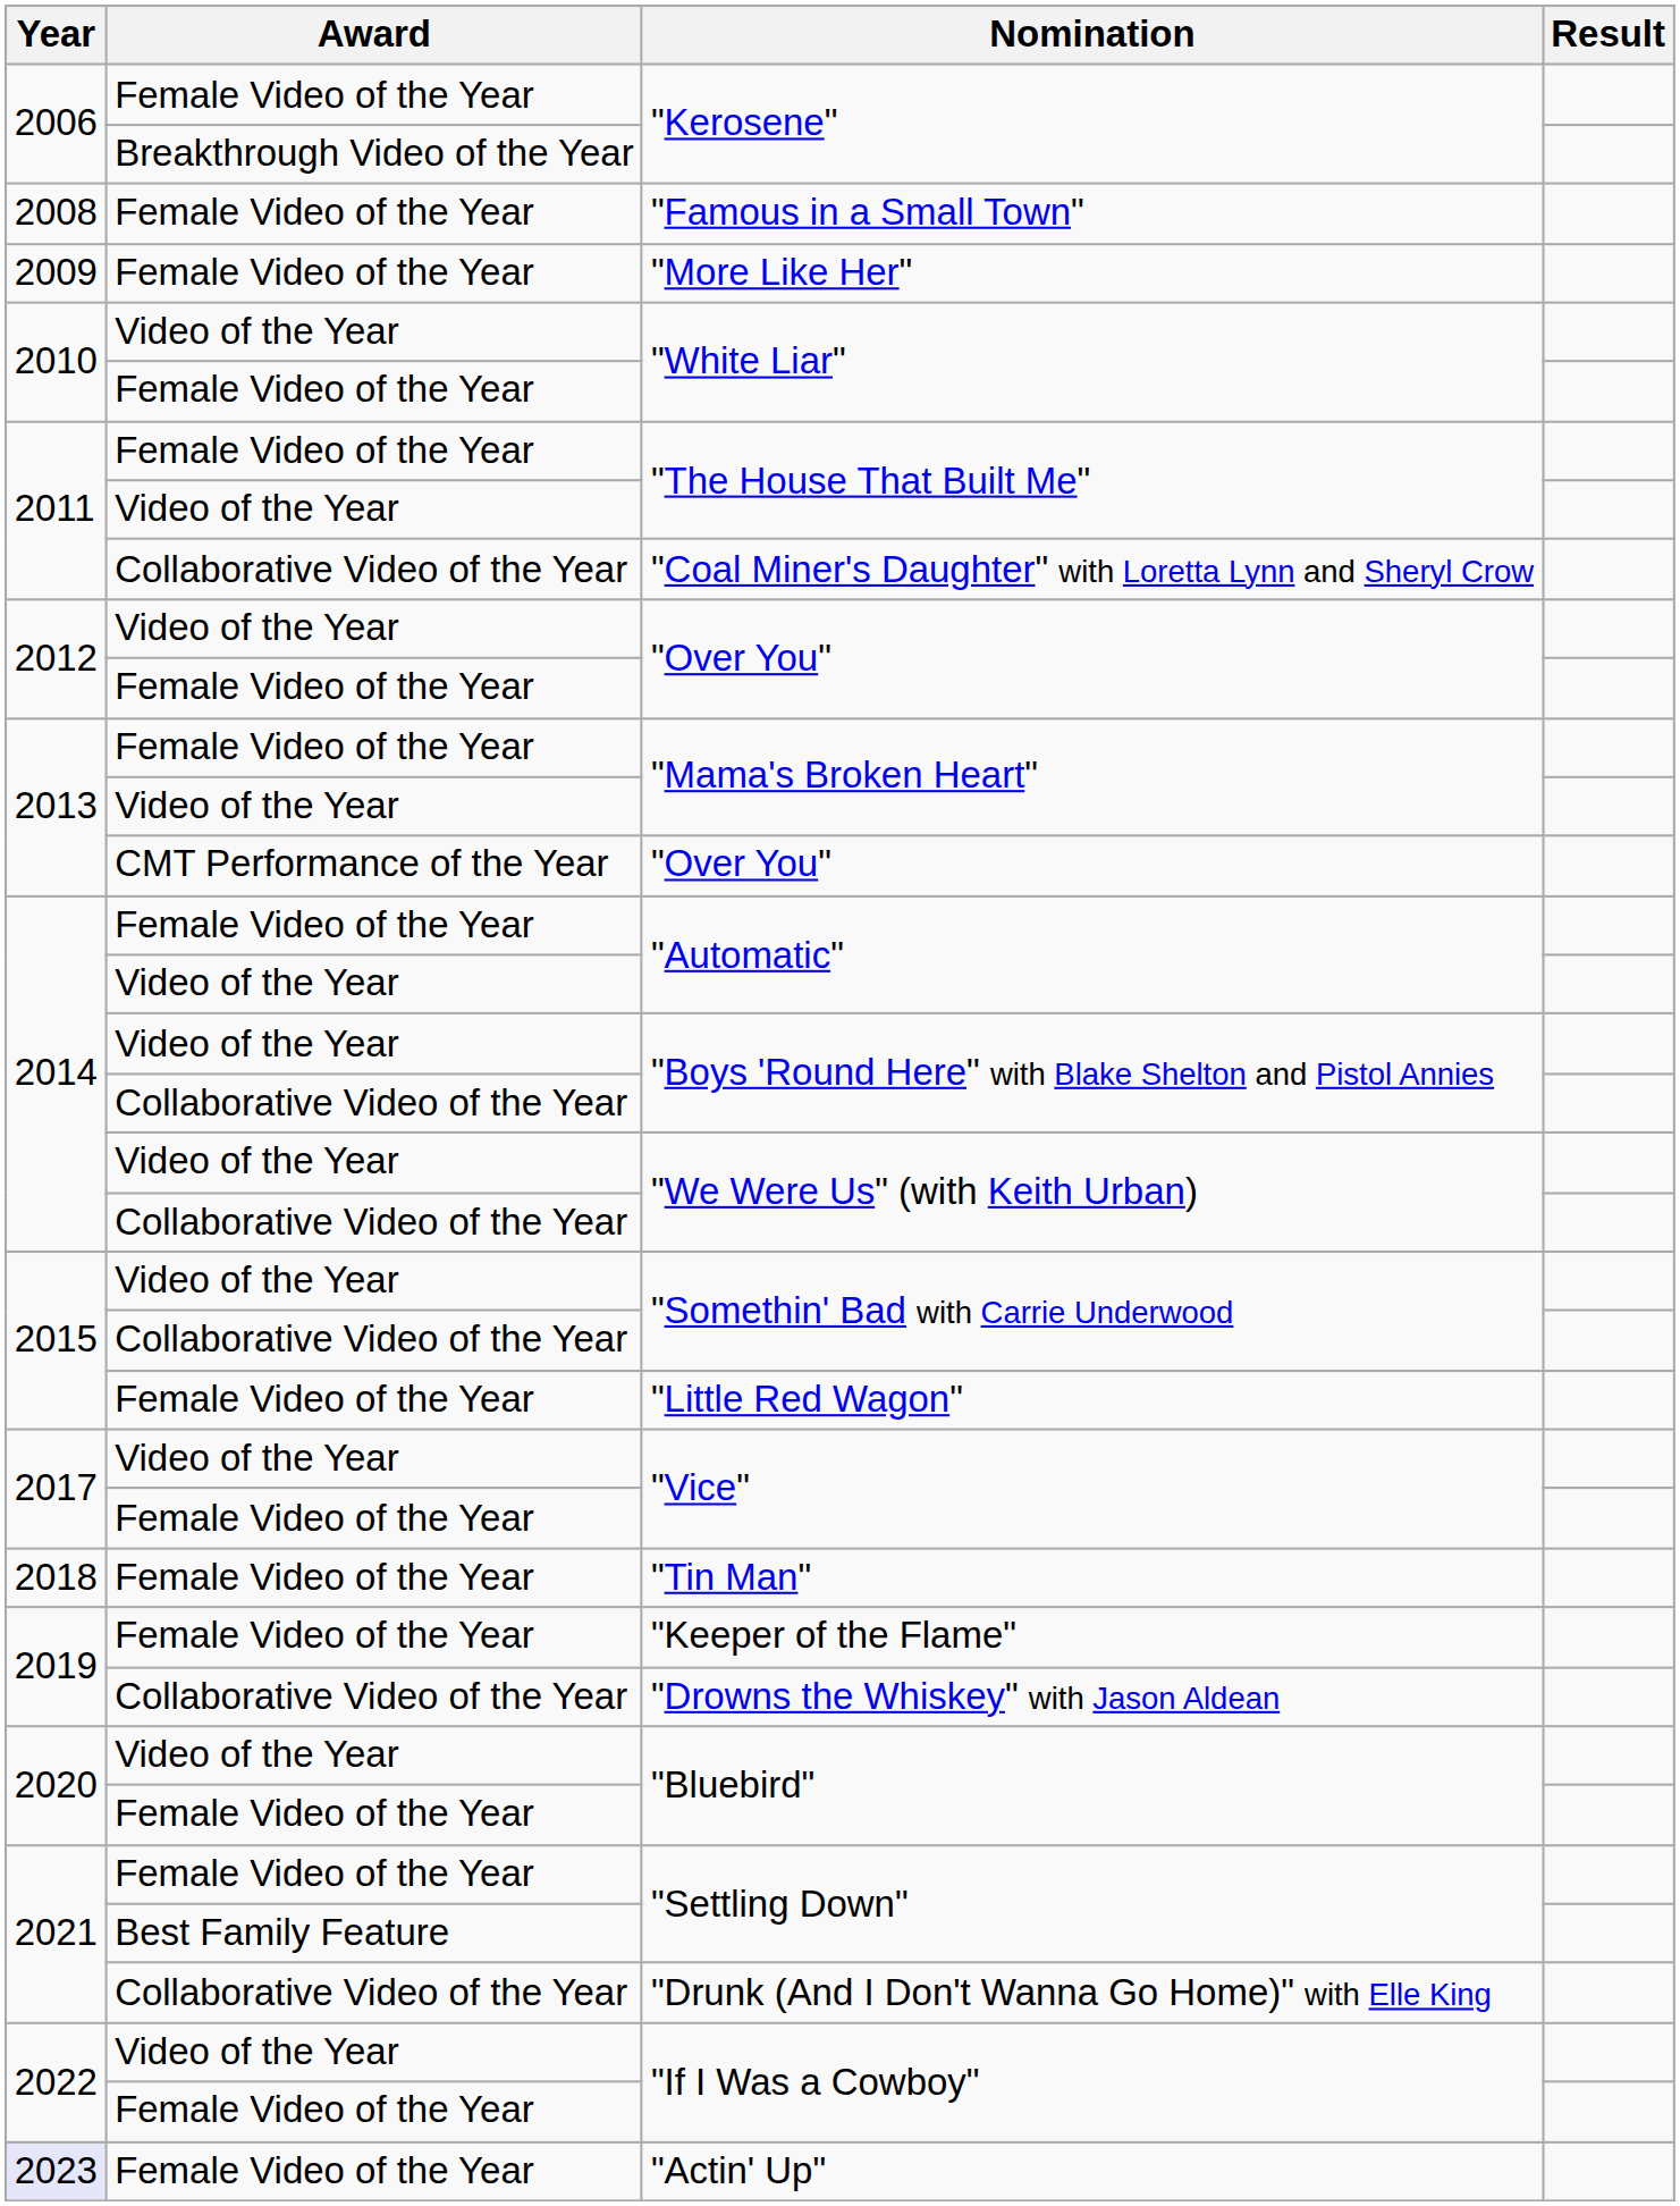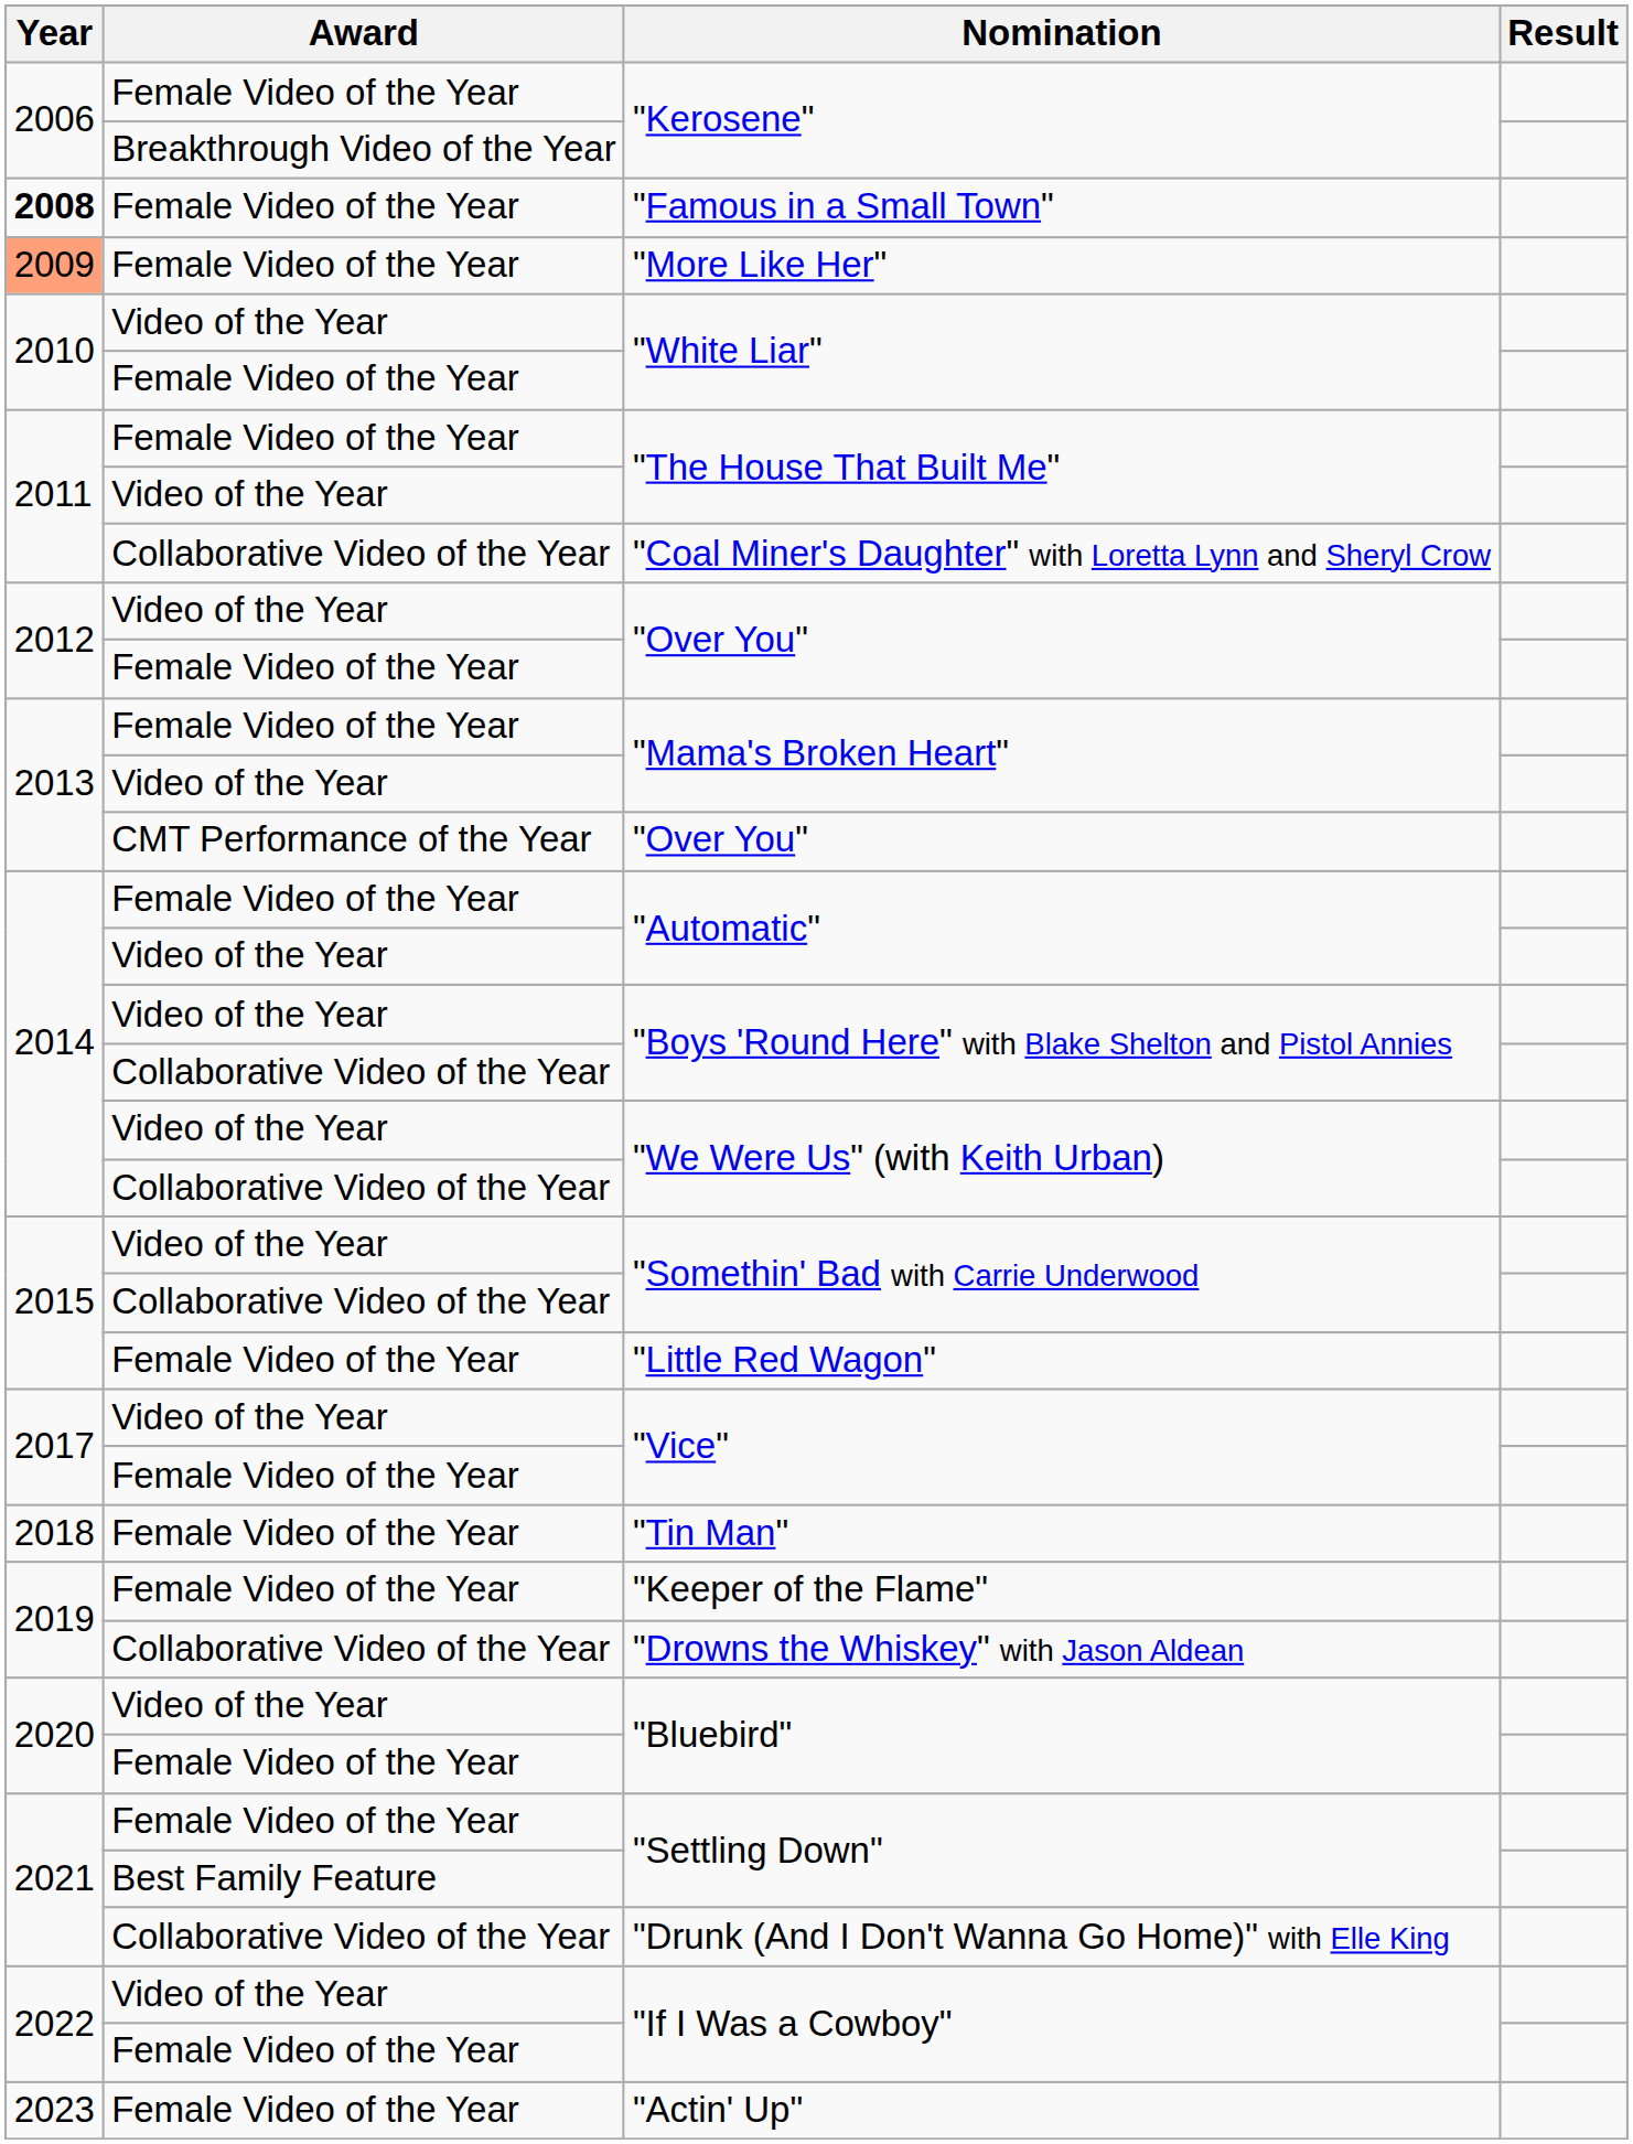 <table class="wikitable">
 <tr>
 <th>Year</th>
 <th>Award</th>
 <th>Nomination</th>
 <th>Result</th>
 </tr>
 <tr>
 <td rowspan="2">2006</td>
 <td>Female Video of the Year</td>
 <td rowspan="2">"<a href='#'>Kerosene</a>"</td>
 <td></td>
 </tr>
 <tr>
 <td>Breakthrough Video of the Year</td>
 <td></td>
 </tr>
 <tr>
-<td>2008</td>
+<td><strong>2008</strong></td>
 <td>Female Video of the Year</td>
 <td>"<a href='#'>Famous in a Small Town</a>"</td>
 <td></td>
 </tr>
 <tr>
-<td>2009</td>
+<td style="background: lightsalmon;">2009</td>
 <td>Female Video of the Year</td>
 <td>"<a href='#'>More Like Her</a>"</td>
 <td></td>
 </tr>
 <tr>
 <td rowspan="2">2010</td>
 <td>Video of the Year</td>
 <td rowspan="2">"<a href='#'>White Liar</a>"</td>
 <td></td>
 </tr>
 <tr>
 <td>Female Video of the Year</td>
 <td></td>
 </tr>
 <tr>
 <td rowspan="3">2011</td>
 <td>Female Video of the Year</td>
 <td rowspan="2">"<a href='#'>The House That Built Me</a>"</td>
 <td></td>
 </tr>
 <tr>
 <td>Video of the Year</td>
 <td></td>
 </tr>
 <tr>
 <td>Collaborative Video of the Year</td>
 <td>"<a href='#'>Coal Miner's Daughter</a>" <small>with <a href='#'>Loretta Lynn</a> and <a href='#'>Sheryl Crow</a></small></td>
 <td></td>
 </tr>
 <tr>
 <td rowspan="2">2012</td>
 <td>Video of the Year</td>
 <td rowspan="2">"<a href='#'>Over You</a>"</td>
 <td></td>
 </tr>
 <tr>
 <td>Female Video of the Year</td>
 <td></td>
 </tr>
 <tr>
 <td rowspan="3">2013</td>
 <td>Female Video of the Year</td>
 <td rowspan="2">"<a href='#'>Mama's Broken Heart</a>"</td>
 <td></td>
 </tr>
 <tr>
 <td>Video of the Year</td>
 <td></td>
 </tr>
 <tr>
 <td>CMT Performance of the Year</td>
 <td>"<a href='#'>Over You</a>"</td>
 <td></td>
 </tr>
 <tr>
 <td rowspan="6">2014</td>
 <td>Female Video of the Year</td>
 <td rowspan="2">"<a href='#'>Automatic</a>"</td>
 <td></td>
 </tr>
 <tr>
 <td>Video of the Year</td>
 <td></td>
 </tr>
 <tr>
 <td>Video of the Year</td>
 <td rowspan="2">"<a href='#'>Boys 'Round Here</a>" <small>with <a href='#'>Blake Shelton</a> and <a href='#'>Pistol Annies</a></small></td>
 <td></td>
 </tr>
 <tr>
 <td>Collaborative Video of the Year</td>
 <td></td>
 </tr>
 <tr>
 <td>Video of the Year</td>
 <td rowspan="2">"<a href='#'>We Were Us</a>" (with <a href='#'>Keith Urban</a>)</td>
 <td></td>
 </tr>
 <tr>
 <td>Collaborative Video of the Year</td>
 <td></td>
 </tr>
 <tr>
 <td rowspan="3">2015</td>
 <td>Video of the Year</td>
 <td rowspan="2">"<a href='#'>Somethin' Bad</a> <small>with <a href='#'>Carrie Underwood</a></small></td>
 <td></td>
 </tr>
 <tr>
 <td>Collaborative Video of the Year</td>
 <td></td>
 </tr>
 <tr>
 <td>Female Video of the Year</td>
 <td>"<a href='#'>Little Red Wagon</a>"</td>
 <td></td>
 </tr>
 <tr>
 <td rowspan=2>2017</td>
 <td>Video of the Year</td>
 <td rowspan=2>"<a href='#'>Vice</a>"</td>
 <td></td>
 </tr>
 <tr>
 <td>Female Video of the Year</td>
 <td></td>
 </tr>
 <tr>
 <td>2018</td>
 <td>Female Video of the Year</td>
 <td>"<a href='#'>Tin Man</a>"</td>
 <td></td>
 </tr>
 <tr>
 <td rowspan=2>2019</td>
 <td>Female Video of the Year</td>
 <td>"Keeper of the Flame"</td>
 <td></td>
 </tr>
 <tr>
 <td>Collaborative Video of the Year</td>
 <td>"<a href='#'>Drowns the Whiskey</a>" <small>with <a href='#'>Jason Aldean</a></small></td>
 <td></td>
 </tr>
 <tr>
 <td rowspan=2>2020</td>
 <td>Video of the Year</td>
 <td rowspan=2>"Bluebird"</td>
 <td></td>
 </tr>
 <tr>
 <td>Female Video of the Year</td>
 <td></td>
 </tr>
 <tr>
 <td rowspan=3>2021</td>
 <td>Female Video of the Year</td>
 <td rowspan=2>"Settling Down"</td>
 <td></td>
 </tr>
 <tr>
 <td>Best Family Feature</td>
 <td></td>
 </tr>
 <tr>
 <td>Collaborative Video of the Year</td>
 <td>"Drunk (And I Don't Wanna Go Home)" <small>with <a href='#'>Elle King</a></small></td>
 <td></td>
 </tr>
 <tr>
 <td rowspan=2>2022</td>
 <td>Video of the Year</td>
 <td rowspan=2>"If I Was a Cowboy"</td>
 <td></td>
 </tr>
 <tr>
 <td>Female Video of the Year</td>
 <td></td>
 </tr>
 <tr>
-<td style="background: lavender;">2023</td>
+<td>2023</td>
 <td>Female Video of the Year</td>
 <td>"Actin' Up"</td>
 <td></td>
 </tr>
 </table>
